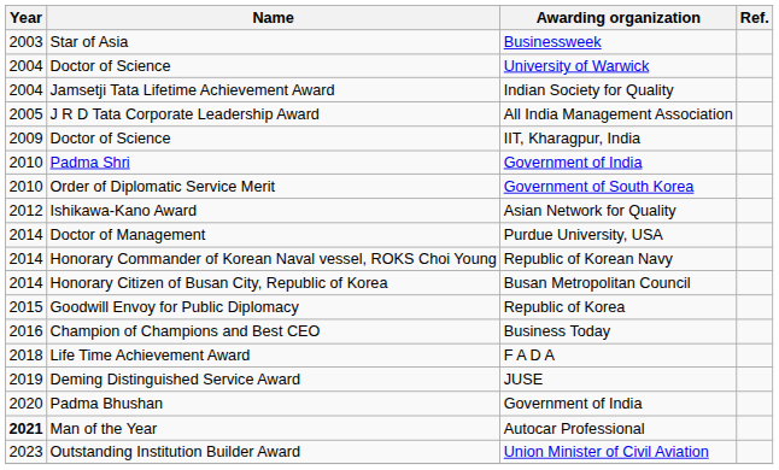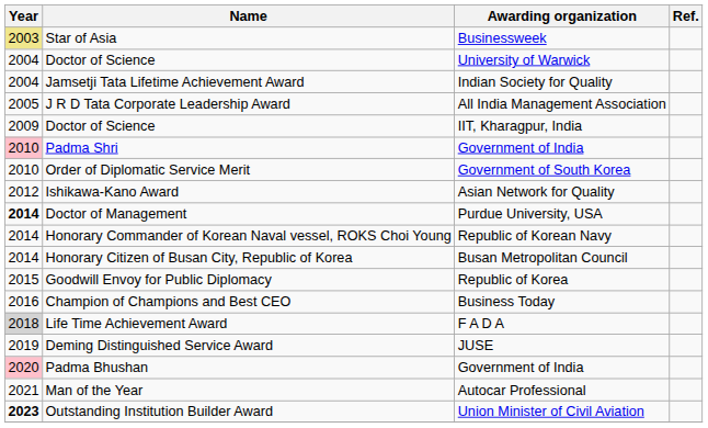 <table class="wikitable" style="font-size:90%;">
 <tr>
 <th>Year</th>
 <th>Name</th>
 <th>Awarding organization</th>
 <th>Ref.</th>
 </tr>
 <tr>
-<td>2003</td>
+<td style="background: khaki;">2003</td>
 <td>Star of Asia</td>
 <td><a href='#'>Businessweek</a></td>
 <td></td>
 </tr>
 <tr>
 <td>2004</td>
 <td>Doctor of Science</td>
 <td><a href='#'>University of Warwick</a></td>
 <td></td>
 </tr>
 <tr>
 <td>2004</td>
 <td>Jamsetji Tata Lifetime Achievement Award</td>
 <td>Indian Society for Quality</td>
 <td></td>
 </tr>
 <tr>
 <td>2005</td>
 <td>J R D Tata Corporate Leadership Award</td>
 <td>All India Management Association</td>
 <td></td>
 </tr>
 <tr>
 <td>2009</td>
 <td>Doctor of Science</td>
 <td>IIT, Kharagpur, India</td>
 <td></td>
 </tr>
 <tr>
-<td>2010</td>
+<td style="background: pink;">2010</td>
 <td><a href='#'>Padma Shri</a></td>
 <td><a href='#'>Government of India</a></td>
 <td></td>
 </tr>
 <tr>
 <td>2010</td>
 <td>Order of Diplomatic Service Merit</td>
 <td><a href='#'>Government of South Korea</a></td>
 <td></td>
 </tr>
 <tr>
 <td>2012</td>
 <td>Ishikawa-Kano Award</td>
 <td>Asian Network for Quality</td>
 <td></td>
 </tr>
 <tr>
-<td>2014</td>
+<td><strong>2014</strong></td>
 <td>Doctor of Management</td>
 <td>Purdue University, USA</td>
 <td></td>
 </tr>
 <tr>
 <td>2014</td>
 <td>Honorary Commander of Korean Naval vessel, ROKS Choi Young</td>
 <td>Republic of Korean Navy</td>
 <td></td>
 </tr>
 <tr>
 <td>2014</td>
 <td>Honorary Citizen of Busan City, Republic of Korea</td>
 <td>Busan Metropolitan Council</td>
 <td></td>
 </tr>
 <tr>
 <td>2015</td>
 <td>Goodwill Envoy for Public Diplomacy</td>
 <td>Republic of Korea</td>
 <td></td>
 </tr>
 <tr>
 <td>2016</td>
 <td>Champion of Champions and Best CEO</td>
 <td>Business Today</td>
 </tr>
 <tr>
-<td>2018</td>
+<td style="background: lightgrey;">2018</td>
 <td>Life Time Achievement Award</td>
 <td>F A D A</td>
 <td></td>
 </tr>
 <tr>
 <td>2019</td>
 <td>Deming Distinguished Service Award</td>
 <td>JUSE</td>
 <td></td>
 </tr>
 <tr>
-<td>2020</td>
+<td style="background: pink;">2020</td>
 <td>Padma Bhushan</td>
 <td>Government of India</td>
 <td></td>
 </tr>
 <tr>
-<td><strong>2021</strong></td>
+<td>2021</td>
 <td>Man of the Year</td>
 <td>Autocar Professional</td>
 <td></td>
 </tr>
 <tr>
-<td>2023</td>
+<td><strong>2023</strong></td>
 <td>Outstanding Institution Builder Award</td>
 <td><a href='#'>Union Minister of Civil Aviation</a></td>
 <td></td>
 </tr>
 <tr>
 </tr>
 </table>
